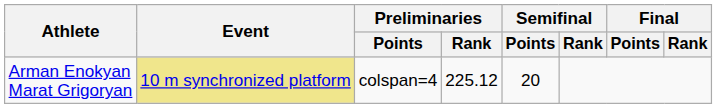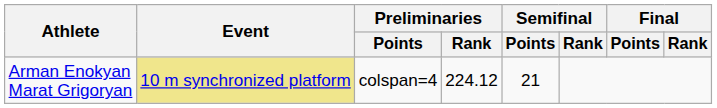 <table class="wikitable" style="text-align:center; font-size:90%;">
 <tr>
 <th rowspan=2>Athlete</th>
 <th rowspan=2>Event</th>
 <th colspan=2>Preliminaries</th>
 <th colspan=2>Semifinal</th>
 <th colspan=2>Final</th>
 </tr>
 <tr style="font-size:95%">
 <th>Points</th>
 <th>Rank</th>
 <th>Points</th>
 <th>Rank</th>
 <th>Points</th>
 <th>Rank</th>
 </tr>
 <tr>
 <td align=left><a href='#'>Arman Enokyan</a><br><a href='#'>Marat Grigoryan</a></td>
 <td align=left style="background: khaki;"><a href='#'>10 m synchronized platform</a></td>
 <td>colspan=4 </td>
-<td>225.12</td>
-<td>20</td>
+<td>224.12</td>
+<td>21</td>
 </tr>
 </table>
